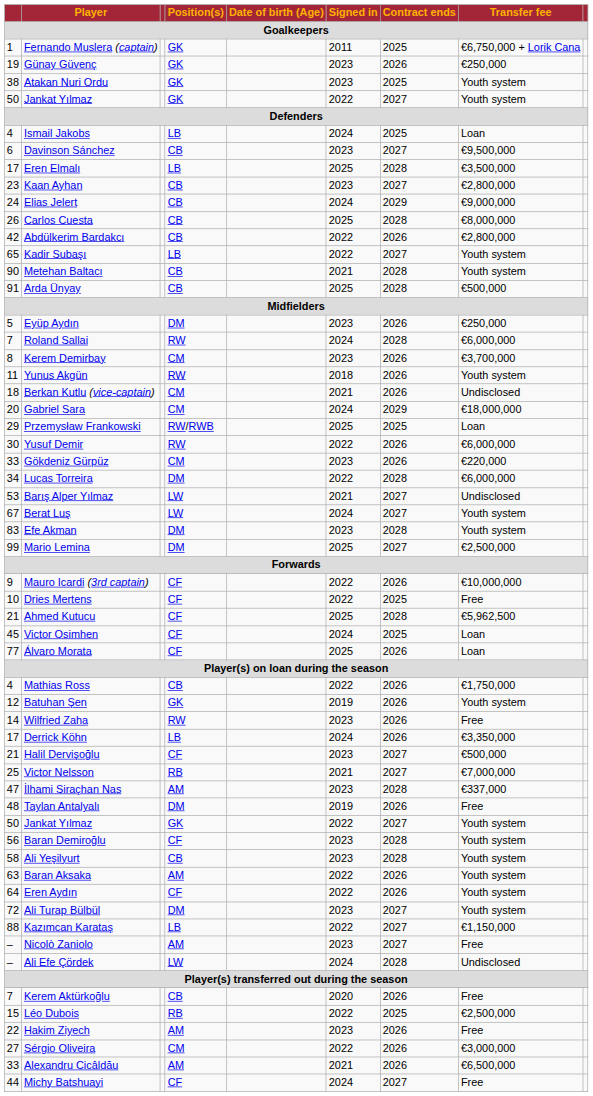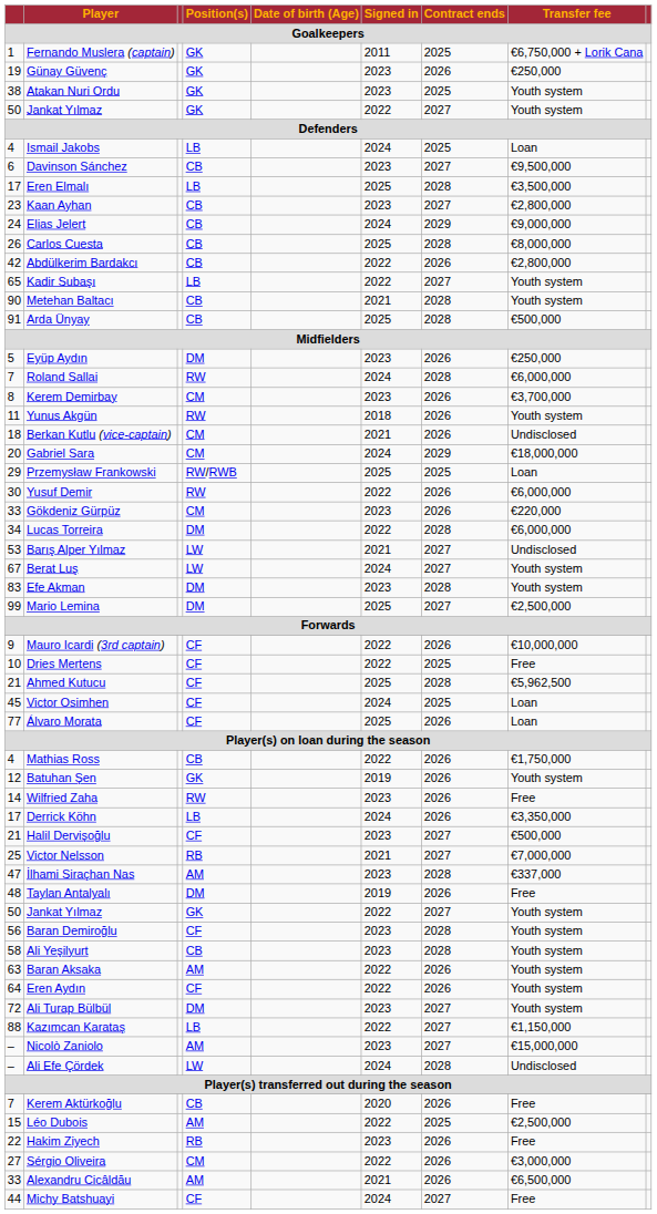 <table class="wikitable plainrowheaders sortable">
 <tr>
 <th style="background:#A32638; color:#FFB300; "></th>
 <th style="background:#A32638; color:#FFB300; ">Player</th>
 <th style="background:#A32638; color:#FFB300; "></th>
 <th style="background:#A32638; color:#FFB300; ">Position(s)</th>
 <th style="background:#A32638; color:#FFB300; ">Date of birth (Age)</th>
 <th style="background:#A32638; color:#FFB300; ">Signed in</th>
 <th style="background:#A32638; color:#FFB300; ">Contract ends</th>
 <th style="background:#A32638; color:#FFB300; ">Transfer fee</th>
 <th style="background:#A32638; color:#FFB300; "></th>
 </tr>
 <tr>
 <th colspan=11 style="background:#dcdcdc; text-align:center;">Goalkeepers</th>
 </tr>
 <tr>
 <td>1</td>
 <td><a href='#'>Fernando Muslera</a> <em>(<a href='#'>captain</a>)</em></td>
 <td></td>
 <td><a href='#'>GK</a></td>
 <td></td>
 <td>2011</td>
 <td>2025</td>
 <td>€6,750,000  + <a href='#'>Lorik Cana</a></td>
 <td></td>
 </tr>
 <tr>
 <td>19</td>
 <td><a href='#'>Günay Güvenç</a></td>
 <td></td>
 <td><a href='#'>GK</a></td>
 <td></td>
 <td>2023</td>
 <td>2026</td>
 <td>€250,000</td>
 <td></td>
 </tr>
 <tr>
 <td>38</td>
 <td><a href='#'>Atakan Nuri Ordu</a></td>
 <td></td>
 <td><a href='#'>GK</a></td>
 <td></td>
 <td>2023</td>
 <td>2025</td>
 <td>Youth system</td>
 <td></td>
 </tr>
 <tr>
 <td>50</td>
 <td><a href='#'>Jankat Yılmaz</a></td>
 <td></td>
 <td><a href='#'>GK</a></td>
 <td></td>
 <td>2022</td>
 <td>2027</td>
 <td>Youth system</td>
 <td></td>
 </tr>
 <tr>
 <th colspan=11 style="background:#dcdcdc; text-align:center;">Defenders</th>
 </tr>
 <tr>
 <td>4</td>
 <td><a href='#'>Ismail Jakobs</a></td>
 <td></td>
 <td><a href='#'>LB</a></td>
 <td></td>
 <td>2024</td>
 <td>2025</td>
 <td>Loan</td>
 <td></td>
 </tr>
 <tr>
 <td>6</td>
 <td><a href='#'>Davinson Sánchez</a></td>
 <td></td>
 <td><a href='#'>CB</a></td>
 <td></td>
 <td>2023</td>
 <td>2027</td>
 <td>€9,500,000</td>
 <td></td>
 </tr>
 <tr>
 <td>17</td>
 <td><a href='#'>Eren Elmalı</a></td>
 <td></td>
 <td><a href='#'>LB</a></td>
 <td></td>
 <td>2025</td>
 <td>2028</td>
 <td>€3,500,000</td>
 <td></td>
 </tr>
 <tr>
 <td>23</td>
 <td><a href='#'>Kaan Ayhan</a></td>
 <td></td>
 <td><a href='#'>CB</a></td>
 <td></td>
 <td>2023</td>
 <td>2027</td>
 <td>€2,800,000</td>
 <td></td>
 </tr>
 <tr>
 <td>24</td>
 <td><a href='#'>Elias Jelert</a></td>
 <td></td>
 <td><a href='#'>CB</a></td>
 <td></td>
 <td>2024</td>
 <td>2029</td>
 <td>€9,000,000</td>
 <td></td>
 </tr>
 <tr>
 <td>26</td>
 <td><a href='#'>Carlos Cuesta</a></td>
 <td></td>
 <td><a href='#'>CB</a></td>
 <td></td>
 <td>2025</td>
 <td>2028</td>
 <td>€8,000,000</td>
 <td></td>
 </tr>
 <tr>
 <td>42</td>
 <td><a href='#'>Abdülkerim Bardakcı</a></td>
 <td></td>
 <td><a href='#'>CB</a></td>
 <td></td>
 <td>2022</td>
 <td>2026</td>
 <td>€2,800,000</td>
 <td></td>
 </tr>
 <tr>
 <td>65</td>
 <td><a href='#'>Kadir Subaşı</a></td>
 <td></td>
 <td><a href='#'>LB</a></td>
 <td></td>
 <td>2022</td>
 <td>2027</td>
 <td>Youth system</td>
 <td></td>
 </tr>
 <tr>
 <td>90</td>
 <td><a href='#'>Metehan Baltacı</a></td>
 <td></td>
 <td><a href='#'>CB</a></td>
 <td></td>
 <td>2021</td>
 <td>2028</td>
 <td>Youth system</td>
 <td></td>
 </tr>
 <tr>
 <td>91</td>
 <td><a href='#'>Arda Ünyay</a></td>
 <td></td>
 <td><a href='#'>CB</a></td>
 <td></td>
 <td>2025</td>
 <td>2028</td>
 <td>€500,000</td>
 <td></td>
 </tr>
 <tr>
 <th colspan=11 style="background:#dcdcdc; text-align:center;">Midfielders</th>
 </tr>
 <tr>
 <td>5</td>
 <td><a href='#'>Eyüp Aydın</a></td>
 <td></td>
 <td><a href='#'>DM</a></td>
 <td></td>
 <td>2023</td>
 <td>2026</td>
 <td>€250,000</td>
 <td></td>
 </tr>
 <tr>
 <td>7</td>
 <td><a href='#'>Roland Sallai</a></td>
 <td></td>
 <td><a href='#'>RW</a></td>
 <td></td>
 <td>2024</td>
 <td>2028</td>
 <td>€6,000,000</td>
 <td></td>
 </tr>
 <tr>
 <td>8</td>
 <td><a href='#'>Kerem Demirbay</a></td>
 <td></td>
 <td><a href='#'>CM</a></td>
 <td></td>
 <td>2023</td>
 <td>2026</td>
 <td>€3,700,000</td>
 <td></td>
 </tr>
 <tr>
 <td>11</td>
 <td><a href='#'>Yunus Akgün</a></td>
 <td></td>
 <td><a href='#'>RW</a></td>
 <td></td>
 <td>2018</td>
 <td>2026</td>
 <td>Youth system</td>
 <td></td>
 </tr>
 <tr>
 <td>18</td>
 <td><a href='#'>Berkan Kutlu</a> <em>(<a href='#'>vice-captain</a>)</em></td>
 <td></td>
 <td><a href='#'>CM</a></td>
 <td></td>
 <td>2021</td>
 <td>2026</td>
 <td>Undisclosed</td>
 <td></td>
 </tr>
 <tr>
 <td>20</td>
 <td><a href='#'>Gabriel Sara</a></td>
 <td></td>
 <td><a href='#'>CM</a></td>
 <td></td>
 <td>2024</td>
 <td>2029</td>
 <td>€18,000,000</td>
 <td></td>
 </tr>
 <tr>
 <td>29</td>
 <td><a href='#'>Przemysław Frankowski</a></td>
 <td></td>
 <td><a href='#'>RW</a>/<a href='#'>RWB</a></td>
 <td></td>
 <td>2025</td>
 <td>2025</td>
 <td>Loan</td>
 <td></td>
 </tr>
 <tr>
 <td>30</td>
 <td><a href='#'>Yusuf Demir</a></td>
 <td></td>
 <td><a href='#'>RW</a></td>
 <td></td>
 <td>2022</td>
 <td>2026</td>
 <td>€6,000,000</td>
 <td></td>
 </tr>
 <tr>
 <td>33</td>
 <td><a href='#'>Gökdeniz Gürpüz</a></td>
 <td></td>
 <td><a href='#'>CM</a></td>
 <td></td>
 <td>2023</td>
 <td>2026</td>
 <td>€220,000</td>
 <td></td>
 </tr>
 <tr>
 <td>34</td>
 <td><a href='#'>Lucas Torreira</a></td>
 <td></td>
 <td><a href='#'>DM</a></td>
 <td></td>
 <td>2022</td>
 <td>2028</td>
 <td>€6,000,000</td>
 <td></td>
 </tr>
 <tr>
 <td>53</td>
 <td><a href='#'>Barış Alper Yılmaz</a></td>
 <td></td>
 <td><a href='#'>LW</a></td>
 <td></td>
 <td>2021</td>
 <td>2027</td>
 <td>Undisclosed</td>
 <td></td>
 </tr>
 <tr>
 <td>67</td>
 <td><a href='#'>Berat Luş</a></td>
 <td></td>
 <td><a href='#'>LW</a></td>
 <td></td>
 <td>2024</td>
 <td>2027</td>
 <td>Youth system</td>
 <td></td>
 </tr>
 <tr>
 <td>83</td>
 <td><a href='#'>Efe Akman</a></td>
 <td></td>
 <td><a href='#'>DM</a></td>
 <td></td>
 <td>2023</td>
 <td>2028</td>
 <td>Youth system</td>
 <td></td>
 </tr>
 <tr>
 <td>99</td>
 <td><a href='#'>Mario Lemina</a></td>
 <td></td>
 <td><a href='#'>DM</a></td>
 <td></td>
 <td>2025</td>
 <td>2027</td>
 <td>€2,500,000</td>
 <td></td>
 </tr>
 <tr>
 <th colspan=11 style="background:#dcdcdc; text-align:center;">Forwards</th>
 </tr>
 <tr>
 <td>9</td>
 <td><a href='#'>Mauro Icardi</a> <em>(<a href='#'>3rd captain</a>)</em></td>
 <td></td>
 <td><a href='#'>CF</a></td>
 <td></td>
 <td>2022</td>
 <td>2026</td>
 <td>€10,000,000</td>
 <td></td>
 </tr>
 <tr>
 <td>10</td>
 <td><a href='#'>Dries Mertens</a></td>
 <td></td>
 <td><a href='#'>CF</a></td>
 <td></td>
 <td>2022</td>
 <td>2025</td>
 <td>Free</td>
 <td></td>
 </tr>
 <tr>
 <td>21</td>
 <td><a href='#'>Ahmed Kutucu</a></td>
 <td></td>
 <td><a href='#'>CF</a></td>
 <td></td>
 <td>2025</td>
 <td>2028</td>
 <td>€5,962,500</td>
 <td></td>
 </tr>
 <tr>
 <td>45</td>
 <td><a href='#'>Victor Osimhen</a></td>
 <td></td>
 <td><a href='#'>CF</a></td>
 <td></td>
 <td>2024</td>
 <td>2025</td>
 <td>Loan</td>
 <td></td>
 </tr>
 <tr>
 <td>77</td>
 <td><a href='#'>Álvaro Morata</a></td>
 <td></td>
 <td><a href='#'>CF</a></td>
 <td></td>
 <td>2025</td>
 <td>2026</td>
 <td>Loan</td>
 <td></td>
 </tr>
 <tr>
 <th colspan="11" style="background:#dcdcdc;">Player(s) on loan during the season</th>
 </tr>
 <tr>
 <td>4</td>
 <td><a href='#'>Mathias Ross</a></td>
 <td></td>
 <td><a href='#'>CB</a></td>
 <td></td>
 <td>2022</td>
 <td>2026</td>
 <td>€1,750,000</td>
 <td></td>
 </tr>
 <tr>
 <td>12</td>
 <td><a href='#'>Batuhan Şen</a></td>
 <td></td>
 <td><a href='#'>GK</a></td>
 <td></td>
 <td>2019</td>
 <td>2026</td>
 <td>Youth system</td>
 <td></td>
 </tr>
 <tr>
 <td>14</td>
 <td><a href='#'>Wilfried Zaha</a></td>
 <td></td>
 <td><a href='#'>RW</a></td>
 <td></td>
 <td>2023</td>
 <td>2026</td>
 <td>Free</td>
 <td></td>
 </tr>
 <tr>
 <td>17</td>
 <td><a href='#'>Derrick Köhn</a></td>
 <td></td>
 <td><a href='#'>LB</a></td>
 <td></td>
 <td>2024</td>
 <td>2026</td>
 <td>€3,350,000</td>
 <td></td>
 </tr>
 <tr>
 <td>21</td>
 <td><a href='#'>Halil Dervişoğlu</a></td>
 <td></td>
 <td><a href='#'>CF</a></td>
 <td></td>
 <td>2023</td>
 <td>2027</td>
 <td>€500,000</td>
 <td></td>
 </tr>
 <tr>
 <td>25</td>
 <td><a href='#'>Victor Nelsson</a></td>
 <td></td>
 <td><a href='#'>RB</a></td>
 <td></td>
 <td>2021</td>
 <td>2027</td>
 <td>€7,000,000</td>
 <td></td>
 </tr>
 <tr>
 <td>47</td>
 <td><a href='#'>İlhami Siraçhan Nas</a></td>
 <td></td>
 <td><a href='#'>AM</a></td>
 <td></td>
 <td>2023</td>
 <td>2028</td>
 <td>€337,000</td>
 <td></td>
 </tr>
 <tr>
 <td>48</td>
 <td><a href='#'>Taylan Antalyalı</a></td>
 <td></td>
 <td><a href='#'>DM</a></td>
 <td></td>
 <td>2019</td>
 <td>2026</td>
 <td>Free</td>
 <td></td>
 </tr>
 <tr>
 <td>50</td>
 <td><a href='#'>Jankat Yılmaz</a></td>
 <td></td>
 <td><a href='#'>GK</a></td>
 <td></td>
 <td>2022</td>
 <td>2027</td>
 <td>Youth system</td>
 <td></td>
 </tr>
 <tr>
 <td>56</td>
 <td><a href='#'>Baran Demiroğlu</a></td>
 <td></td>
 <td><a href='#'>CF</a></td>
 <td></td>
 <td>2023</td>
 <td>2028</td>
 <td>Youth system</td>
 <td></td>
 </tr>
 <tr>
 <td>58</td>
 <td><a href='#'>Ali Yeşilyurt</a></td>
 <td></td>
 <td><a href='#'>CB</a></td>
 <td></td>
 <td>2023</td>
 <td>2028</td>
 <td>Youth system</td>
 <td></td>
 </tr>
 <tr>
 <td>63</td>
 <td><a href='#'>Baran Aksaka</a></td>
 <td></td>
 <td><a href='#'>AM</a></td>
 <td></td>
 <td>2022</td>
 <td>2026</td>
 <td>Youth system</td>
 <td></td>
 </tr>
 <tr>
 <td>64</td>
 <td><a href='#'>Eren Aydın</a></td>
 <td></td>
 <td><a href='#'>CF</a></td>
 <td></td>
 <td>2022</td>
 <td>2026</td>
 <td>Youth system</td>
 <td></td>
 </tr>
 <tr>
 <td>72</td>
 <td><a href='#'>Ali Turap Bülbül</a></td>
 <td></td>
 <td><a href='#'>DM</a></td>
 <td></td>
 <td>2023</td>
 <td>2027</td>
 <td>Youth system</td>
 <td></td>
 </tr>
 <tr>
 <td>88</td>
 <td><a href='#'>Kazımcan Karataş</a></td>
 <td></td>
 <td><a href='#'>LB</a></td>
 <td></td>
 <td>2022</td>
 <td>2027</td>
 <td>€1,150,000</td>
 <td></td>
 </tr>
 <tr>
 <td>–</td>
 <td><a href='#'>Nicolò Zaniolo</a></td>
 <td></td>
 <td><a href='#'>AM</a></td>
 <td></td>
 <td>2023</td>
 <td>2027</td>
-<td>Free</td>
+<td>€15,000,000</td>
 <td></td>
 </tr>
 <tr>
 <td>–</td>
 <td><a href='#'>Ali Efe Çördek</a></td>
 <td></td>
 <td><a href='#'>LW</a></td>
 <td></td>
 <td>2024</td>
 <td>2028</td>
 <td>Undisclosed</td>
 <td></td>
 </tr>
 <tr>
 <th colspan="11" style="background:#dcdcdc;">Player(s) transferred out during the season</th>
 </tr>
 <tr>
 <td>7</td>
 <td><a href='#'>Kerem Aktürkoğlu</a></td>
 <td></td>
 <td><a href='#'>CB</a></td>
 <td></td>
 <td>2020</td>
 <td>2026</td>
 <td>Free</td>
 <td></td>
 </tr>
 <tr>
 <td>15</td>
 <td><a href='#'>Léo Dubois</a></td>
 <td></td>
-<td><a href='#'>RB</a></td>
+<td><a href='#'>AM</a></td>
 <td></td>
 <td>2022</td>
 <td>2025</td>
 <td>€2,500,000</td>
 <td></td>
 </tr>
 <tr>
 <td>22</td>
 <td><a href='#'>Hakim Ziyech</a></td>
 <td></td>
-<td><a href='#'>AM</a></td>
+<td><a href='#'>RB</a></td>
 <td></td>
 <td>2023</td>
 <td>2026</td>
 <td>Free</td>
 <td></td>
 </tr>
 <tr>
 <td>27</td>
 <td><a href='#'>Sérgio Oliveira</a></td>
 <td></td>
 <td><a href='#'>CM</a></td>
 <td></td>
 <td>2022</td>
 <td>2026</td>
 <td>€3,000,000</td>
 <td></td>
 </tr>
 <tr>
 <td>33</td>
 <td><a href='#'>Alexandru Cicâldău</a></td>
 <td></td>
 <td><a href='#'>AM</a></td>
 <td></td>
 <td>2021</td>
 <td>2026</td>
 <td>€6,500,000</td>
 <td></td>
 </tr>
 <tr>
 <td>44</td>
 <td><a href='#'>Michy Batshuayi</a></td>
 <td></td>
 <td><a href='#'>CF</a></td>
 <td></td>
 <td>2024</td>
 <td>2027</td>
 <td>Free</td>
 <td></td>
 </tr>
 </table>
